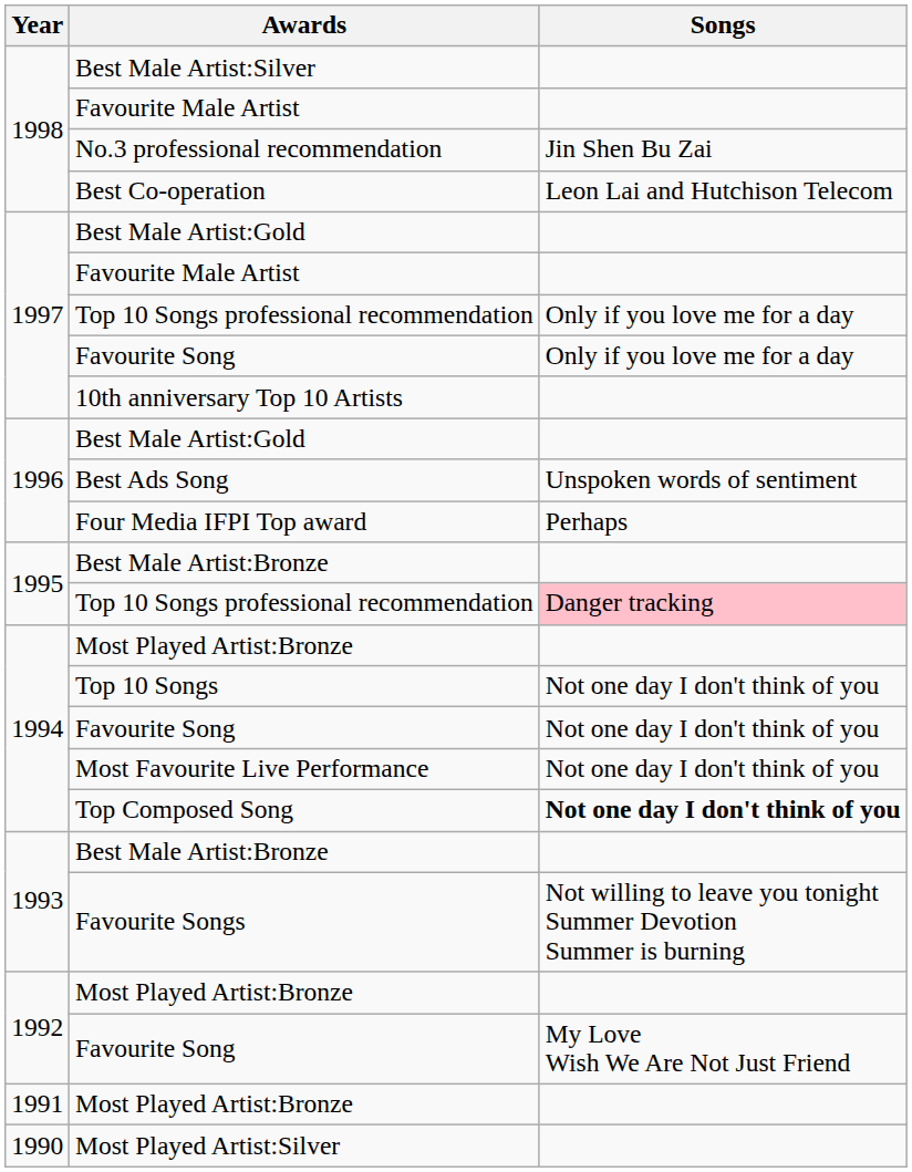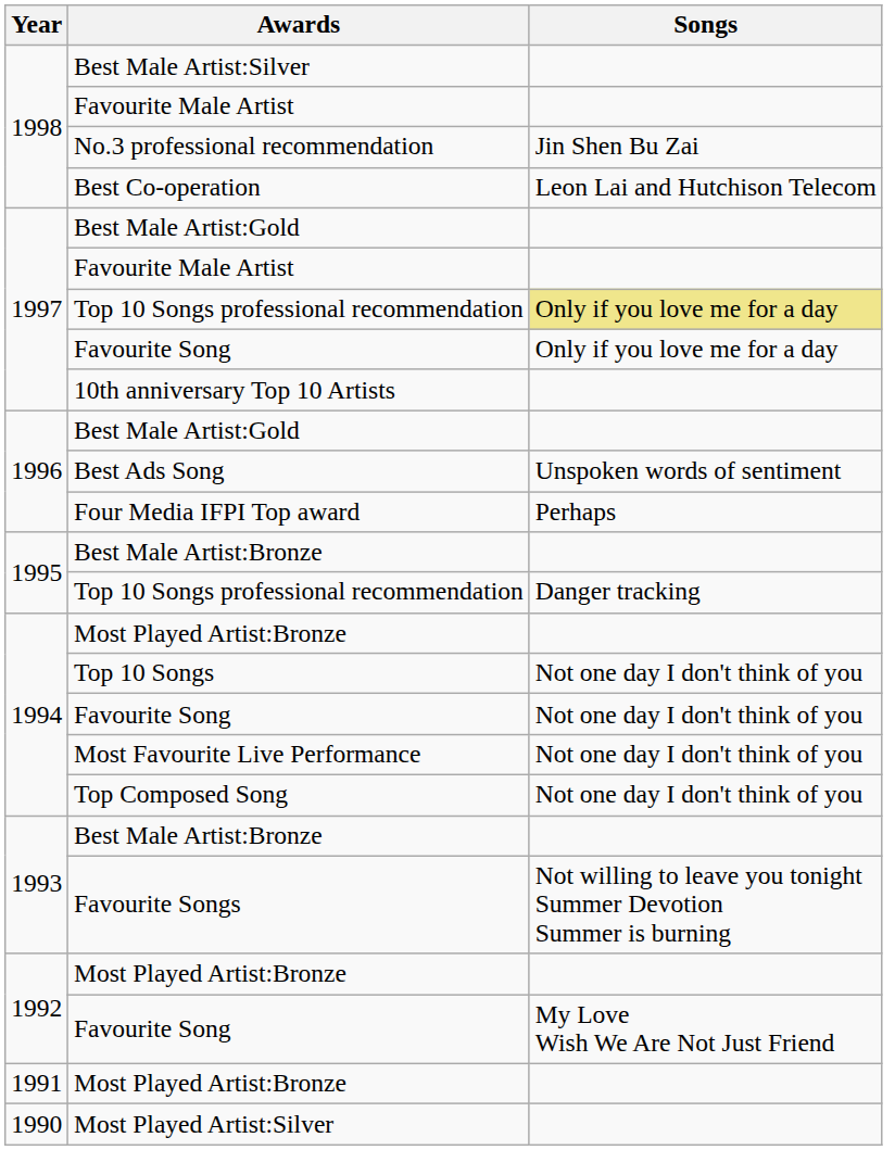 <table class="wikitable">
 <tr>
 <th>Year</th>
 <th>Awards</th>
 <th>Songs</th>
 </tr>
 <tr>
 <td rowspan="4">1998</td>
 <td>Best Male Artist:Silver</td>
 <td></td>
 </tr>
 <tr>
 <td>Favourite Male Artist</td>
 <td></td>
 </tr>
 <tr>
 <td>No.3 professional recommendation</td>
 <td>Jin Shen Bu Zai</td>
 </tr>
 <tr>
 <td>Best Co-operation</td>
 <td>Leon Lai and Hutchison Telecom</td>
 </tr>
 <tr>
 <td rowspan="5">1997</td>
 <td>Best Male Artist:Gold</td>
 <td></td>
 </tr>
 <tr>
 <td>Favourite Male Artist</td>
 <td></td>
 </tr>
 <tr>
 <td>Top 10 Songs professional recommendation</td>
-<td>Only if you love me for a day</td>
+<td style="background: khaki;">Only if you love me for a day</td>
 </tr>
 <tr>
 <td>Favourite Song</td>
 <td>Only if you love me for a day</td>
 </tr>
 <tr>
 <td>10th anniversary Top 10 Artists</td>
 <td></td>
 </tr>
 <tr>
 <td rowspan="3">1996</td>
 <td>Best Male Artist:Gold</td>
 <td></td>
 </tr>
 <tr>
 <td>Best Ads Song</td>
 <td>Unspoken words of sentiment</td>
 </tr>
 <tr>
 <td>Four Media IFPI Top award</td>
 <td>Perhaps</td>
 </tr>
 <tr>
 <td rowspan="2">1995</td>
 <td>Best Male Artist:Bronze</td>
 <td></td>
 </tr>
 <tr>
 <td>Top 10 Songs professional recommendation</td>
-<td style="background: pink;">Danger tracking</td>
+<td>Danger tracking</td>
 </tr>
 <tr>
 <td rowspan="5">1994</td>
 <td>Most Played Artist:Bronze</td>
 <td></td>
 </tr>
 <tr>
 <td>Top 10 Songs</td>
 <td>Not one day I don't think of you</td>
 </tr>
 <tr>
 <td>Favourite Song</td>
 <td>Not one day I don't think of you</td>
 </tr>
 <tr>
 <td>Most Favourite Live Performance</td>
 <td>Not one day I don't think of you</td>
 </tr>
 <tr>
 <td>Top Composed Song</td>
-<td><strong>Not one day I don't think of you</strong></td>
+<td>Not one day I don't think of you</td>
 </tr>
 <tr>
 <td rowspan="2">1993</td>
 <td>Best Male Artist:Bronze</td>
 <td></td>
 </tr>
 <tr>
 <td>Favourite Songs</td>
 <td>Not willing to leave you tonight<br>Summer Devotion<br>Summer is burning</td>
 </tr>
 <tr>
 <td rowspan="2">1992</td>
 <td>Most Played Artist:Bronze</td>
 <td></td>
 </tr>
 <tr>
 <td>Favourite Song</td>
 <td>My Love<br>Wish We Are Not Just Friend</td>
 </tr>
 <tr>
 <td>1991</td>
 <td>Most Played Artist:Bronze</td>
 <td></td>
 </tr>
 <tr>
 <td>1990</td>
 <td>Most Played Artist:Silver</td>
 <td></td>
 </tr>
 </table>
